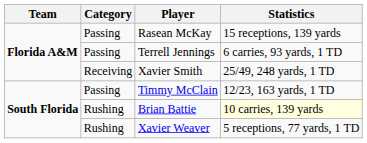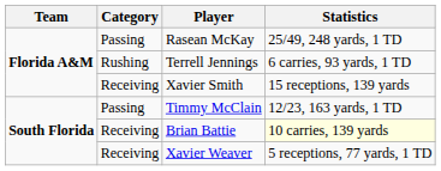 <table class="wikitable" style="float: left;">
 <tr>
 <th>Team</th>
 <th>Category</th>
 <th>Player</th>
 <th>Statistics</th>
 </tr>
 <tr>
 <td rowspan=3><strong>Florida A&M</strong></td>
 <td>Passing</td>
 <td>Rasean McKay</td>
-<td>15 receptions, 139 yards</td>
+<td>25/49, 248 yards, 1 TD</td>
 </tr>
 <tr>
-<td>Passing</td>
+<td>Rushing</td>
 <td>Terrell Jennings</td>
 <td>6 carries, 93 yards, 1 TD</td>
 </tr>
 <tr>
 <td>Receiving</td>
 <td>Xavier Smith</td>
-<td>25/49, 248 yards, 1 TD</td>
+<td>15 receptions, 139 yards</td>
 </tr>
 <tr>
 <td rowspan=3><strong>South Florida</strong></td>
 <td>Passing</td>
 <td><a href='#'>Timmy McClain</a></td>
 <td>12/23, 163 yards, 1 TD</td>
 </tr>
 <tr>
-<td>Rushing</td>
+<td>Receiving</td>
 <td><a href='#'>Brian Battie</a></td>
 <td style="background: lightyellow;">10 carries, 139 yards</td>
 </tr>
 <tr>
-<td>Rushing</td>
+<td>Receiving</td>
 <td><a href='#'>Xavier Weaver</a></td>
 <td>5 receptions, 77 yards, 1 TD</td>
 </tr>
 </table>
